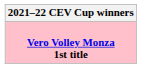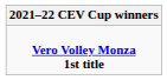 <table class="wikitable" style="text-align:center; margin:auto">
 <tr>
 <th>2021–22 CEV Cup winners</th>
 </tr>
 <tr>
-<td style="background: pink;"><br> <strong><a href='#'>Vero Volley Monza</a></strong><br> <strong>1st title</strong></td>
+<td><br> <strong><a href='#'>Vero Volley Monza</a></strong><br> <strong>1st title</strong></td>
 </tr>
 </table>
